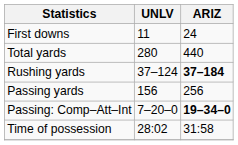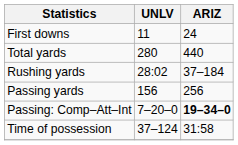 <table class="wikitable" style="float: left;">
 <tr>
 <th>Statistics</th>
 <th>UNLV</th>
 <th>ARIZ</th>
 </tr>
 <tr>
 <td>First downs</td>
 <td>11</td>
 <td>24</td>
 </tr>
 <tr>
 <td>Total yards</td>
 <td>280</td>
 <td>440</td>
 </tr>
 <tr>
 <td>Rushing yards</td>
-<td>37–124</td>
-<td><strong>37–184</strong></td>
+<td>28:02</td>
+<td>37–184</td>
 </tr>
 <tr>
 <td>Passing yards</td>
 <td>156</td>
 <td>256</td>
 </tr>
 <tr>
 <td>Passing: Comp–Att–Int</td>
 <td>7–20–0</td>
 <td><strong>19–34–0</strong></td>
 </tr>
 <tr>
 <td>Time of possession</td>
-<td>28:02</td>
+<td>37–124</td>
 <td>31:58</td>
 </tr>
 <tr>
 </tr>
 </table>
